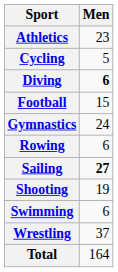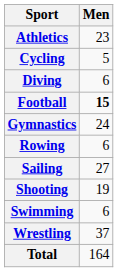 <table class="wikitable" style="text-align:right;">
 <tr>
 <th>Sport</th>
 <th>Men</th>
 </tr>
 <tr>
 <th><a href='#'>Athletics</a></th>
 <td>23</td>
 </tr>
 <tr>
 <th><a href='#'>Cycling</a></th>
 <td>5</td>
 </tr>
 <tr>
 <th><a href='#'>Diving</a></th>
-<td><strong>6</strong></td>
+<td>6</td>
 </tr>
 <tr>
 <th><a href='#'>Football</a></th>
-<td>15</td>
+<td><strong>15</strong></td>
 </tr>
 <tr>
 <th><a href='#'>Gymnastics</a></th>
 <td>24</td>
 </tr>
 <tr>
 <th><a href='#'>Rowing</a></th>
 <td>6</td>
 </tr>
 <tr>
 <th><a href='#'>Sailing</a></th>
-<td><strong>27</strong></td>
+<td>27</td>
 </tr>
 <tr>
 <th><a href='#'>Shooting</a></th>
 <td>19</td>
 </tr>
 <tr>
 <th><a href='#'>Swimming</a></th>
 <td>6</td>
 </tr>
 <tr>
 <th><a href='#'>Wrestling</a></th>
 <td>37</td>
 </tr>
 <tr>
 <th>Total</th>
 <td>164</td>
 </tr>
 </table>
